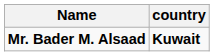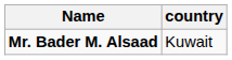 <table class="wikitable">
 <tr>
 <th>Name</th>
 <th>country</th>
 </tr>
 <tr>
 <td><strong>Mr. Bader M. Alsaad</strong></td>
-<td><strong>Kuwait</strong></td>
+<td>Kuwait</td>
 </tr>
 </table>
